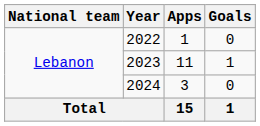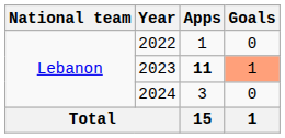 <table class="wikitable" style="text-align:center">
 <tr>
 <th>National team</th>
 <th>Year</th>
 <th>Apps</th>
 <th>Goals</th>
 </tr>
 <tr>
 <td rowspan="3"><a href='#'>Lebanon</a></td>
 <td>2022</td>
 <td>1</td>
 <td>0</td>
 </tr>
 <tr>
 <td>2023</td>
-<td>11</td>
-<td>1</td>
+<td><strong>11</strong></td>
+<td style="background: lightsalmon;">1</td>
 </tr>
 <tr>
 <td>2024</td>
 <td>3</td>
 <td>0</td>
 </tr>
 <tr>
 <th colspan="2">Total</th>
 <th>15</th>
 <th>1</th>
 </tr>
 </table>
